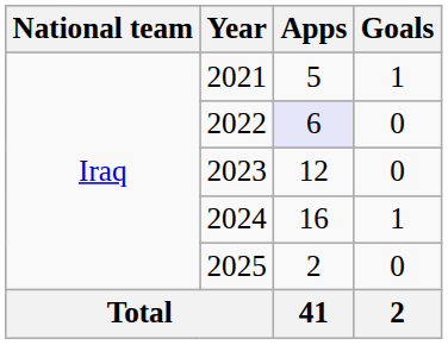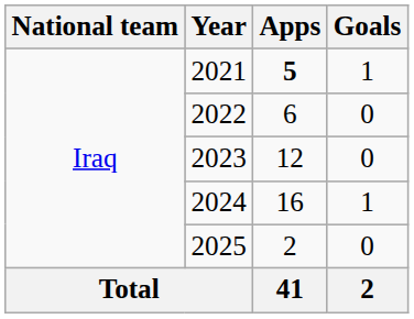 <table class="wikitable" style="text-align:center">
 <tr>
 <th>National team</th>
 <th>Year</th>
 <th>Apps</th>
 <th>Goals</th>
 </tr>
 <tr>
 <td rowspan="5"><a href='#'>Iraq</a></td>
 <td>2021</td>
-<td>5</td>
+<td><strong>5</strong></td>
 <td>1</td>
 </tr>
 <tr>
 <td>2022</td>
-<td style="background: lavender;">6</td>
+<td>6</td>
 <td>0</td>
 </tr>
 <tr>
 <td>2023</td>
 <td>12</td>
 <td>0</td>
 </tr>
 <tr>
 <td>2024</td>
 <td>16</td>
 <td>1</td>
 </tr>
 <tr>
 <td>2025</td>
 <td>2</td>
 <td>0</td>
 </tr>
 <tr>
 <th colspan="2">Total</th>
 <th>41</th>
 <th>2</th>
 </tr>
 </table>
